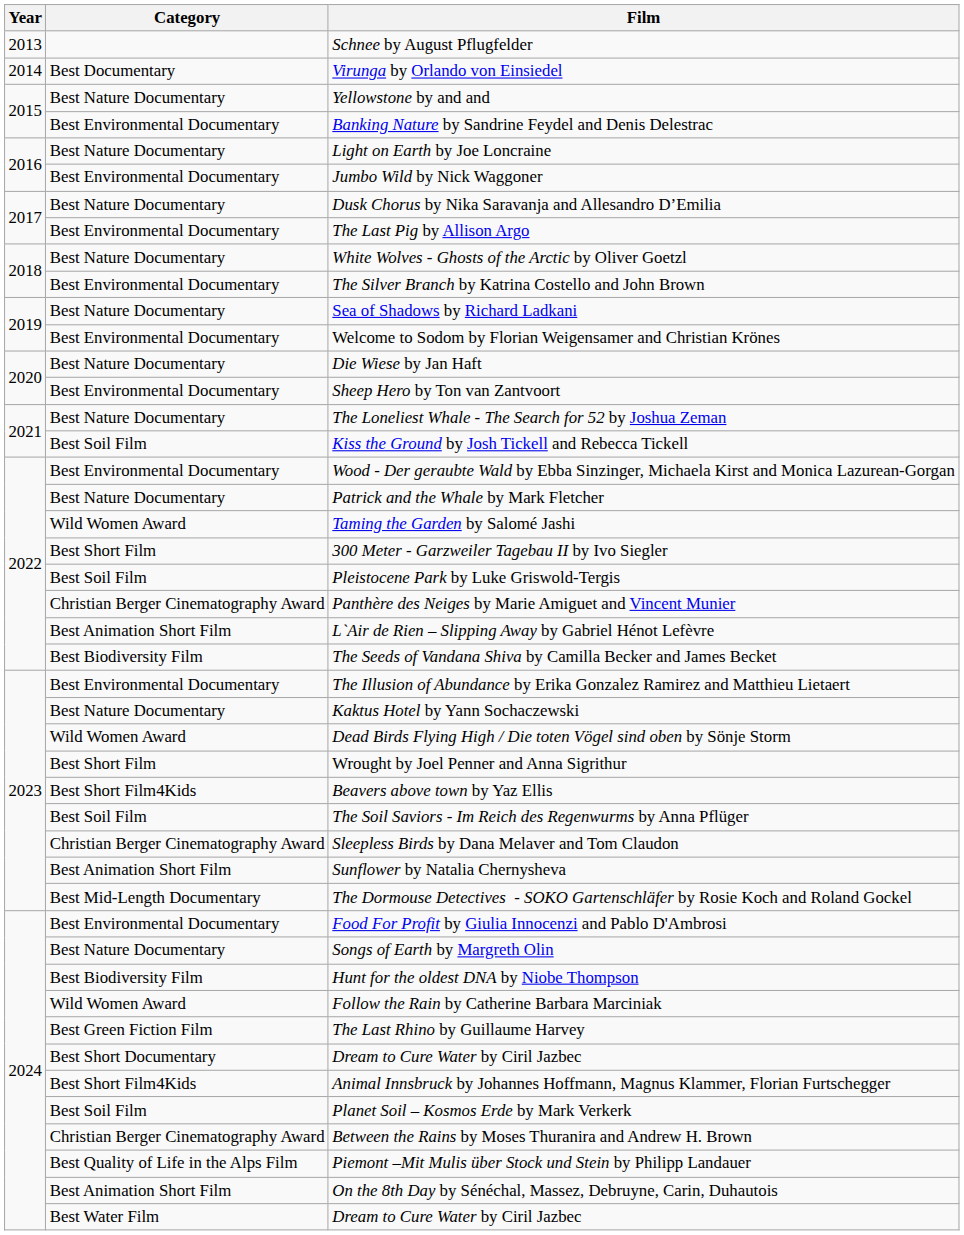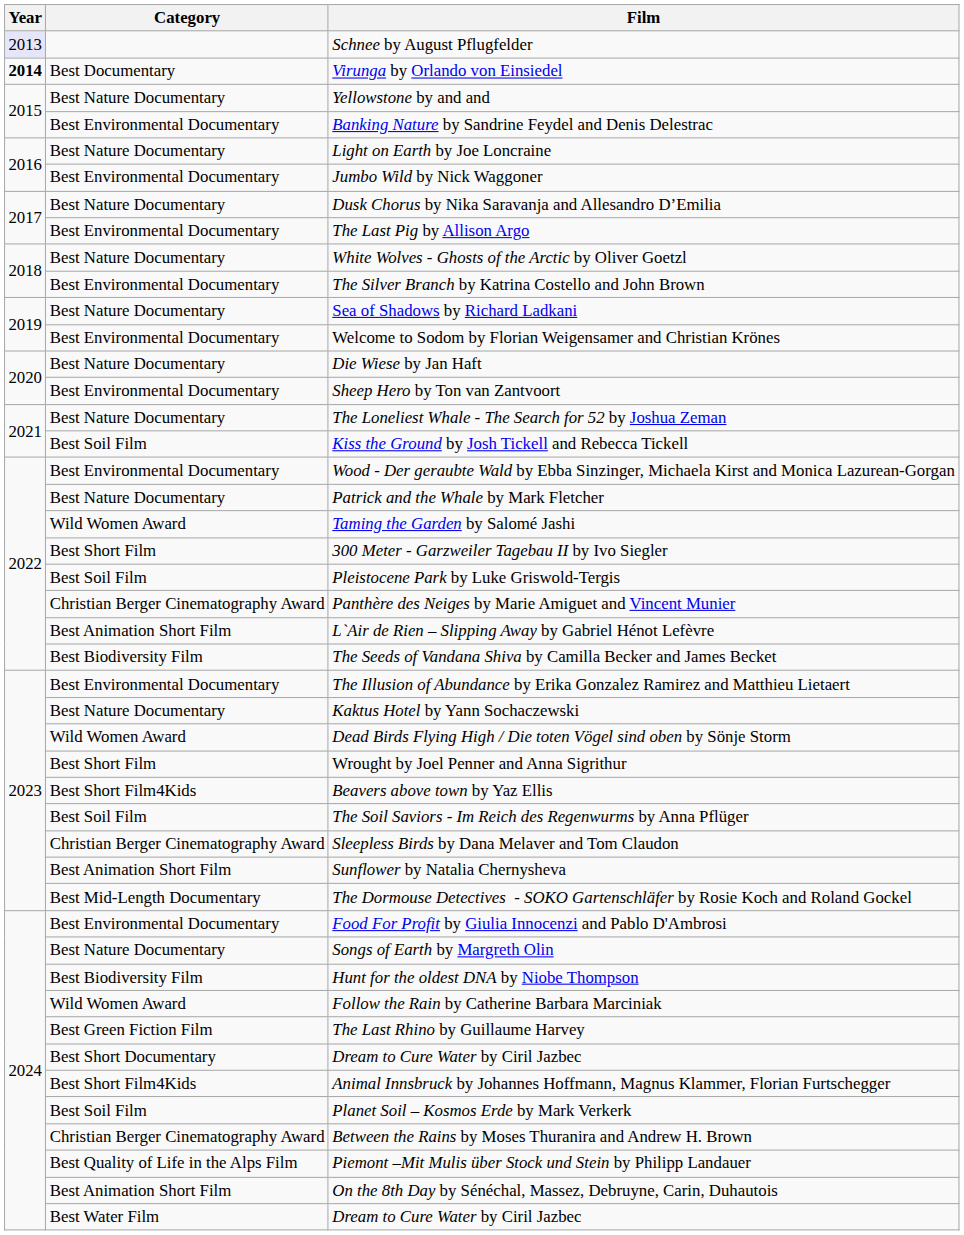 <table class="wikitable">
 <tr>
 <th>Year</th>
 <th>Category</th>
 <th>Film</th>
 </tr>
 <tr>
-<td>2013</td>
+<td style="background: lavender;">2013</td>
 <td></td>
 <td><em>Schnee</em> by August Pflugfelder</td>
 </tr>
 <tr>
-<td>2014</td>
+<td><strong>2014</strong></td>
 <td>Best Documentary</td>
 <td><em><a href='#'>Virunga</a></em> by <a href='#'>Orlando von Einsiedel</a></td>
 </tr>
 <tr>
 <td rowspan="2">2015</td>
 <td>Best Nature Documentary</td>
 <td><em>Yellowstone</em> by  and  and</td>
 </tr>
 <tr>
 <td>Best Environmental Documentary</td>
 <td><em><a href='#'>Banking Nature</a></em> by Sandrine Feydel and Denis Delestrac</td>
 </tr>
 <tr>
 <td rowspan="2">2016</td>
 <td>Best Nature Documentary</td>
 <td><em>Light on Earth</em> by Joe Loncraine</td>
 </tr>
 <tr>
 <td>Best Environmental Documentary</td>
 <td><em>Jumbo Wild</em> by Nick Waggoner</td>
 </tr>
 <tr>
 <td rowspan="2">2017</td>
 <td>Best Nature Documentary</td>
 <td><em>Dusk Chorus</em> by Nika Saravanja and Allesandro D’Emilia</td>
 </tr>
 <tr>
 <td>Best Environmental Documentary</td>
 <td><em>The Last Pig</em> by <a href='#'>Allison Argo</a></td>
 </tr>
 <tr>
 <td rowspan="2">2018</td>
 <td>Best Nature Documentary</td>
 <td><em>White Wolves - Ghosts of the Arctic</em> by Oliver Goetzl</td>
 </tr>
 <tr>
 <td>Best Environmental Documentary</td>
 <td><em>The Silver Branch</em> by Katrina Costello and John Brown</td>
 </tr>
 <tr>
 <td rowspan="2">2019</td>
 <td>Best Nature Documentary</td>
 <td><a href='#'>Sea of Shadows</a> by <a href='#'>Richard Ladkani</a></td>
 </tr>
 <tr>
 <td>Best Environmental Documentary</td>
 <td>Welcome to Sodom by Florian Weigensamer and Christian Krönes</td>
 </tr>
 <tr>
 <td rowspan="2">2020</td>
 <td>Best Nature Documentary</td>
 <td><em>Die Wiese</em> by Jan Haft</td>
 </tr>
 <tr>
 <td>Best Environmental Documentary</td>
 <td><em>Sheep Hero</em> by Ton van Zantvoort</td>
 </tr>
 <tr>
 <td rowspan="2">2021</td>
 <td>Best Nature Documentary</td>
 <td><em>The Loneliest Whale - The Search for 52</em> by <a href='#'>Joshua Zeman</a></td>
 </tr>
 <tr>
 <td>Best Soil Film</td>
 <td><em><a href='#'>Kiss the Ground</a></em> by <a href='#'>Josh Tickell</a> and Rebecca Tickell</td>
 </tr>
 <tr>
 <td rowspan="8">2022</td>
 <td>Best Environmental Documentary</td>
 <td><em>Wood - Der geraubte Wald</em> by Ebba Sinzinger, Michaela Kirst and Monica Lazurean-Gorgan</td>
 </tr>
 <tr>
 <td>Best Nature Documentary</td>
 <td><em>Patrick and the Whale</em> by Mark Fletcher</td>
 </tr>
 <tr>
 <td>Wild Women Award</td>
 <td><em><a href='#'>Taming the Garden</a></em> by Salomé Jashi</td>
 </tr>
 <tr>
 <td>Best Short Film</td>
 <td><em>300 Meter - Garzweiler Tagebau II</em> by Ivo Siegler</td>
 </tr>
 <tr>
 <td>Best Soil Film</td>
 <td><em>Pleistocene Park</em> by Luke Griswold-Tergis</td>
 </tr>
 <tr>
 <td>Christian Berger Cinematography Award</td>
 <td><em>Panthère des Neiges</em> by Marie Amiguet and <a href='#'>Vincent Munier</a></td>
 </tr>
 <tr>
 <td>Best Animation Short Film</td>
 <td><em>L`Air de Rien – Slipping Away</em> by Gabriel Hénot Lefèvre</td>
 </tr>
 <tr>
 <td>Best Biodiversity Film</td>
 <td><em>The Seeds of Vandana Shiva</em> by Camilla Becker and James Becket</td>
 </tr>
 <tr>
 <td rowspan="9">2023</td>
 <td>Best Environmental Documentary</td>
 <td><em>The Illusion of Abundance</em> by Erika Gonzalez Ramirez and Matthieu Lietaert</td>
 </tr>
 <tr>
 <td>Best Nature Documentary</td>
 <td><em>Kaktus Hotel</em> by Yann Sochaczewski</td>
 </tr>
 <tr>
 <td>Wild Women Award</td>
 <td><em>Dead Birds Flying High / Die toten Vögel sind oben</em> by Sönje Storm</td>
 </tr>
 <tr>
 <td>Best Short Film</td>
 <td>Wrought by Joel Penner and Anna Sigrithur</td>
 </tr>
 <tr>
 <td>Best Short Film4Kids</td>
 <td><em>Beavers above town</em> by Yaz Ellis</td>
 </tr>
 <tr>
 <td>Best Soil Film</td>
 <td><em>The Soil Saviors - Im Reich des Regenwurms</em> by Anna Pflüger</td>
 </tr>
 <tr>
 <td>Christian Berger Cinematography Award</td>
 <td><em>Sleepless Birds</em> by Dana Melaver and Tom Claudon</td>
 </tr>
 <tr>
 <td>Best Animation Short Film</td>
 <td><em>Sunflower</em> by Natalia Chernysheva</td>
 </tr>
 <tr>
 <td>Best Mid-Length Documentary</td>
 <td><em>The Dormouse Detectives  - SOKO Gartenschläfer</em> by Rosie Koch and Roland Gockel</td>
 </tr>
 <tr>
 <td rowspan="12">2024</td>
 <td>Best Environmental Documentary</td>
 <td><a href='#'><em>Food For Profit</em></a> by <a href='#'>Giulia Innocenzi</a> and Pablo D'Ambrosi</td>
 </tr>
 <tr>
 <td>Best Nature Documentary</td>
 <td><em>Songs of Earth</em> by <a href='#'>Margreth Olin</a></td>
 </tr>
 <tr>
 <td>Best Biodiversity Film</td>
 <td><em>Hunt for the oldest DNA</em> by <a href='#'>Niobe Thompson</a></td>
 </tr>
 <tr>
 <td>Wild Women Award</td>
 <td><em>Follow the Rain</em> by Catherine Barbara Marciniak</td>
 </tr>
 <tr>
 <td>Best Green Fiction Film</td>
 <td><em>The Last Rhino</em> by Guillaume Harvey</td>
 </tr>
 <tr>
 <td>Best Short Documentary</td>
 <td><em>Dream to Cure Water</em> by Ciril Jazbec</td>
 </tr>
 <tr>
 <td>Best Short Film4Kids</td>
 <td><em>Animal Innsbruck</em> by Johannes Hoffmann, Magnus Klammer, Florian Furtschegger</td>
 </tr>
 <tr>
 <td>Best Soil Film</td>
 <td><em>Planet Soil – Kosmos Erde</em> by Mark Verkerk</td>
 </tr>
 <tr>
 <td>Christian Berger Cinematography Award</td>
 <td><em>Between the Rains</em> by Moses Thuranira and Andrew H. Brown</td>
 </tr>
 <tr>
 <td>Best Quality of Life in the Alps Film</td>
 <td><em>Piemont –Mit Mulis über Stock und Stein</em> by Philipp Landauer</td>
 </tr>
 <tr>
 <td>Best Animation Short Film</td>
 <td><em>On the 8th Day</em> by Sénéchal, Massez, Debruyne, Carin, Duhautois</td>
 </tr>
 <tr>
 <td>Best Water Film</td>
 <td><em>Dream to Cure Water</em> by Ciril Jazbec</td>
 </tr>
 </table>
